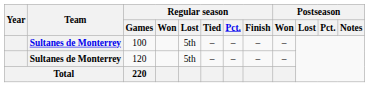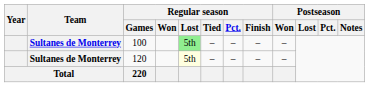 <table class="wikitable" style="font-size: 95%; text-align:center;">
 <tr>
 <th rowspan="2">Year</th>
 <th rowspan="2">Team</th>
 <th colspan="6">Regular season</th>
 <th colspan="4">Postseason</th>
 </tr>
 <tr>
 <th scope=col>Games</th>
 <th scope=col>Won</th>
 <th scope=col>Lost</th>
 <th scope=col>Tied</th>
 <th scope=col><a href='#'>Pct.</a></th>
 <th scope=col>Finish</th>
 <th scope=col>Won</th>
 <th scope=col>Lost</th>
 <th scope=col>Pct.</th>
 <th scope=col>Notes</th>
 </tr>
 <tr>
 <th></th>
 <th><a href='#'>Sultanes de Monterrey</a></th>
 <td>100</td>
 <td></td>
-<td>5th</td>
+<td style="background: lightgreen;">5th</td>
 <td>–</td>
 <td>–</td>
 <td>–</td>
 <td>–</td>
 </tr>
 <tr>
 <th></th>
 <th>Sultanes de Monterrey</th>
 <td>120</td>
 <td></td>
-<td>5th</td>
+<td style="background: lightyellow;">5th</td>
 <td>–</td>
 <td>–</td>
 <td>–</td>
 <td>–</td>
 </tr>
 <tr>
 <th colspan="2">Total</th>
 <th>220</th>
 <th></th>
 <th></th>
 <th></th>
 <th></th>
 <th></th>
 <th></th>
 </tr>
 </table>
